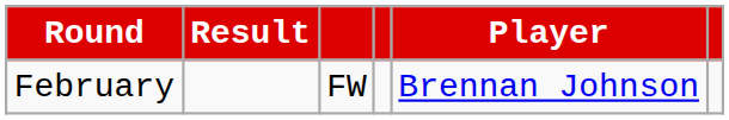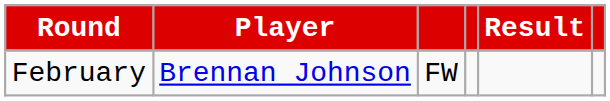 <table class="wikitable" style="text-align:center">
 <tr>
 <th style="background:#DD0000; color:#FFFFFF;">Round</th>
-<th style="background:#DD0000; color:#FFFFFF;">Result</th>
+<th style="background:#DD0000;color:#FFFFFF;">Player</th>
 <th style="background:#DD0000; color:#FFFFFF;"></th>
 <th style="background:#DD0000; color:#FFFFFF;"></th>
-<th style="background:#DD0000;color:#FFFFFF;">Player</th>
+<th style="background:#DD0000; color:#FFFFFF;">Result</th>
 <th style="background:#DD0000; color:#FFFFFF;"></th>
 </tr>
 <tr>
 <td>February</td>
-<td></td>
+<td><a href='#'>Brennan Johnson</a></td>
 <td>FW</td>
 <td></td>
-<td><a href='#'>Brennan Johnson</a></td>
+<td></td>
 <td></td>
 </tr>
 </table>
